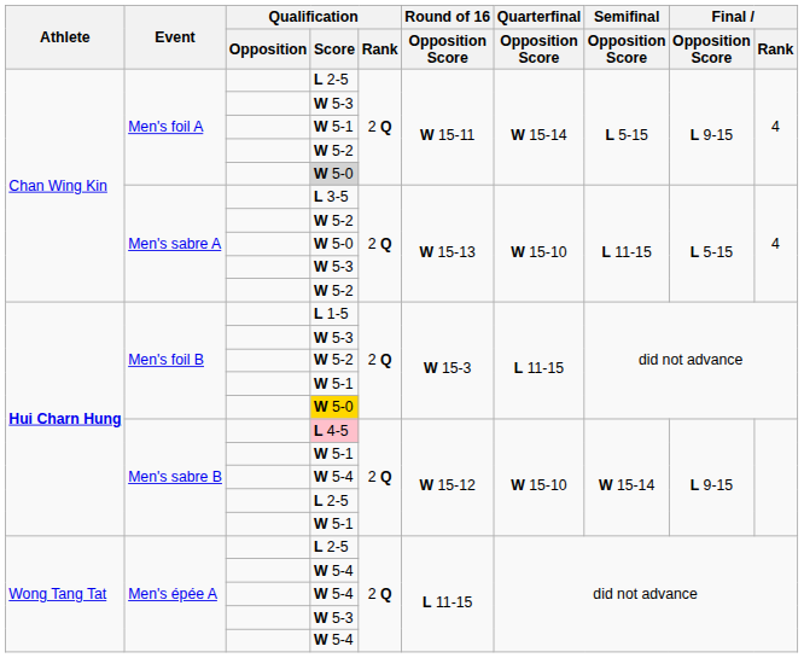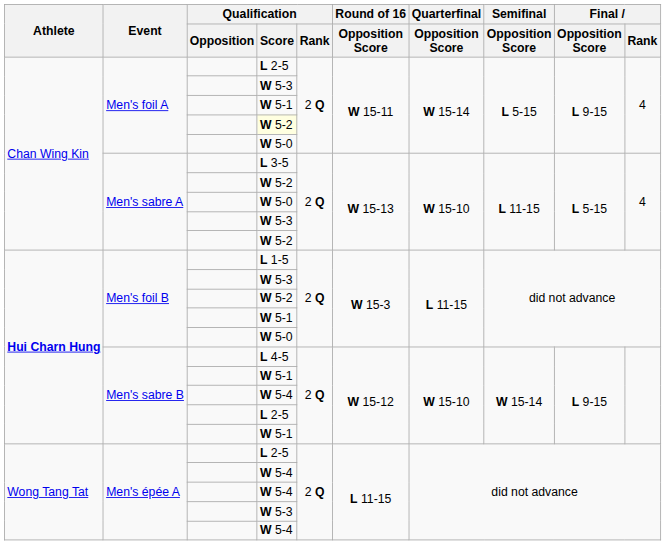 <table class=wikitable style="font-size:90%">
 <tr>
 <th rowspan="2">Athlete</th>
 <th rowspan="2">Event</th>
 <th colspan="3">Qualification</th>
 <th>Round of 16</th>
 <th>Quarterfinal</th>
 <th>Semifinal</th>
 <th colspan="2">Final / </th>
 </tr>
 <tr>
 <th>Opposition</th>
 <th>Score</th>
 <th>Rank</th>
 <th>Opposition<br>Score</th>
 <th>Opposition<br>Score</th>
 <th>Opposition<br>Score</th>
 <th>Opposition<br>Score</th>
 <th>Rank</th>
 </tr>
 <tr>
 <td rowspan=10><a href='#'>Chan Wing Kin</a></td>
 <td rowspan=5><a href='#'>Men's foil A</a></td>
 <td></td>
 <td><strong>L</strong> 2-5</td>
 <td align="center" rowspan=5>2 <strong>Q</strong></td>
 <td align="center" rowspan=5><br><strong>W</strong> 15-11</td>
 <td align="center" rowspan=5><br><strong>W</strong> 15-14</td>
 <td align="center" rowspan=5><br><strong>L</strong> 5-15</td>
 <td align="center" rowspan=5><br><strong>L</strong> 9-15</td>
 <td align="center" rowspan=5>4</td>
 </tr>
 <tr>
 <td></td>
 <td><strong>W</strong> 5-3</td>
 </tr>
 <tr>
 <td></td>
 <td><strong>W</strong> 5-1</td>
 </tr>
 <tr>
 <td></td>
-<td><strong>W</strong> 5-2</td>
+<td style="background: lightyellow;"><strong>W</strong> 5-2</td>
 </tr>
 <tr>
 <td></td>
-<td style="background: lightgrey;"><strong>W</strong> 5-0</td>
+<td><strong>W</strong> 5-0</td>
 </tr>
 <tr>
 <td rowspan=5><a href='#'>Men's sabre A</a></td>
 <td></td>
 <td><strong>L</strong> 3-5</td>
 <td align="center" rowspan=5>2 <strong>Q</strong></td>
 <td align="center" rowspan=5><br><strong>W</strong> 15-13</td>
 <td align="center" rowspan=5><br><strong>W</strong> 15-10</td>
 <td align="center" rowspan=5><br><strong>L</strong> 11-15</td>
 <td align="center" rowspan=5><br><strong>L</strong> 5-15</td>
 <td align="center" rowspan=5>4</td>
 </tr>
 <tr>
 <td></td>
 <td><strong>W</strong> 5-2</td>
 </tr>
 <tr>
 <td></td>
 <td><strong>W</strong> 5-0</td>
 </tr>
 <tr>
 <td></td>
 <td><strong>W</strong> 5-3</td>
 </tr>
 <tr>
 <td></td>
 <td><strong>W</strong> 5-2</td>
 </tr>
 <tr>
 <td rowspan=10><strong><a href='#'>Hui Charn Hung</a></strong></td>
 <td rowspan=5><a href='#'>Men's foil B</a></td>
 <td></td>
 <td><strong>L</strong> 1-5</td>
 <td align="center" rowspan=5>2 <strong>Q</strong></td>
 <td align="center" rowspan=5><br><strong>W</strong> 15-3</td>
 <td align="center" rowspan=5><br><strong>L</strong> 11-15</td>
 <td align="center" rowspan=5 colspan=3>did not advance</td>
 </tr>
 <tr>
 <td></td>
 <td><strong>W</strong> 5-3</td>
 </tr>
 <tr>
 <td></td>
 <td><strong>W</strong> 5-2</td>
 </tr>
 <tr>
 <td></td>
 <td><strong>W</strong> 5-1</td>
 </tr>
 <tr>
 <td></td>
-<td style="background: gold;"><strong>W</strong> 5-0</td>
+<td><strong>W</strong> 5-0</td>
 </tr>
 <tr>
 <td rowspan=5><a href='#'>Men's sabre B</a></td>
 <td></td>
-<td style="background: pink;"><strong>L</strong> 4-5</td>
+<td><strong>L</strong> 4-5</td>
 <td align="center" rowspan=5>2 <strong>Q</strong></td>
 <td align="center" rowspan=5><br><strong>W</strong> 15-12</td>
 <td align="center" rowspan=5><br><strong>W</strong> 15-10</td>
 <td align="center" rowspan=5><br><strong>W</strong> 15-14</td>
 <td align="center" rowspan=5><br><strong>L</strong> 9-15</td>
 <td align="center" rowspan=5></td>
 </tr>
 <tr>
 <td></td>
 <td><strong>W</strong> 5-1</td>
 </tr>
 <tr>
 <td></td>
 <td><strong>W</strong> 5-4</td>
 </tr>
 <tr>
 <td></td>
 <td><strong>L</strong> 2-5</td>
 </tr>
 <tr>
 <td></td>
 <td><strong>W</strong> 5-1</td>
 </tr>
 <tr>
 <td rowspan=5><a href='#'>Wong Tang Tat</a></td>
 <td rowspan=5><a href='#'>Men's épée A</a></td>
 <td></td>
 <td><strong>L</strong> 2-5</td>
 <td align="center" rowspan=5>2 <strong>Q</strong></td>
 <td align="center" rowspan=5><br><strong>L</strong> 11-15</td>
 <td align="center" rowspan=5 colspan=4>did not advance</td>
 </tr>
 <tr>
 <td></td>
 <td><strong>W</strong> 5-4</td>
 </tr>
 <tr>
 <td></td>
 <td><strong>W</strong> 5-4</td>
 </tr>
 <tr>
 <td></td>
 <td><strong>W</strong> 5-3</td>
 </tr>
 <tr>
 <td></td>
 <td><strong>W</strong> 5-4</td>
 </tr>
 </table>
